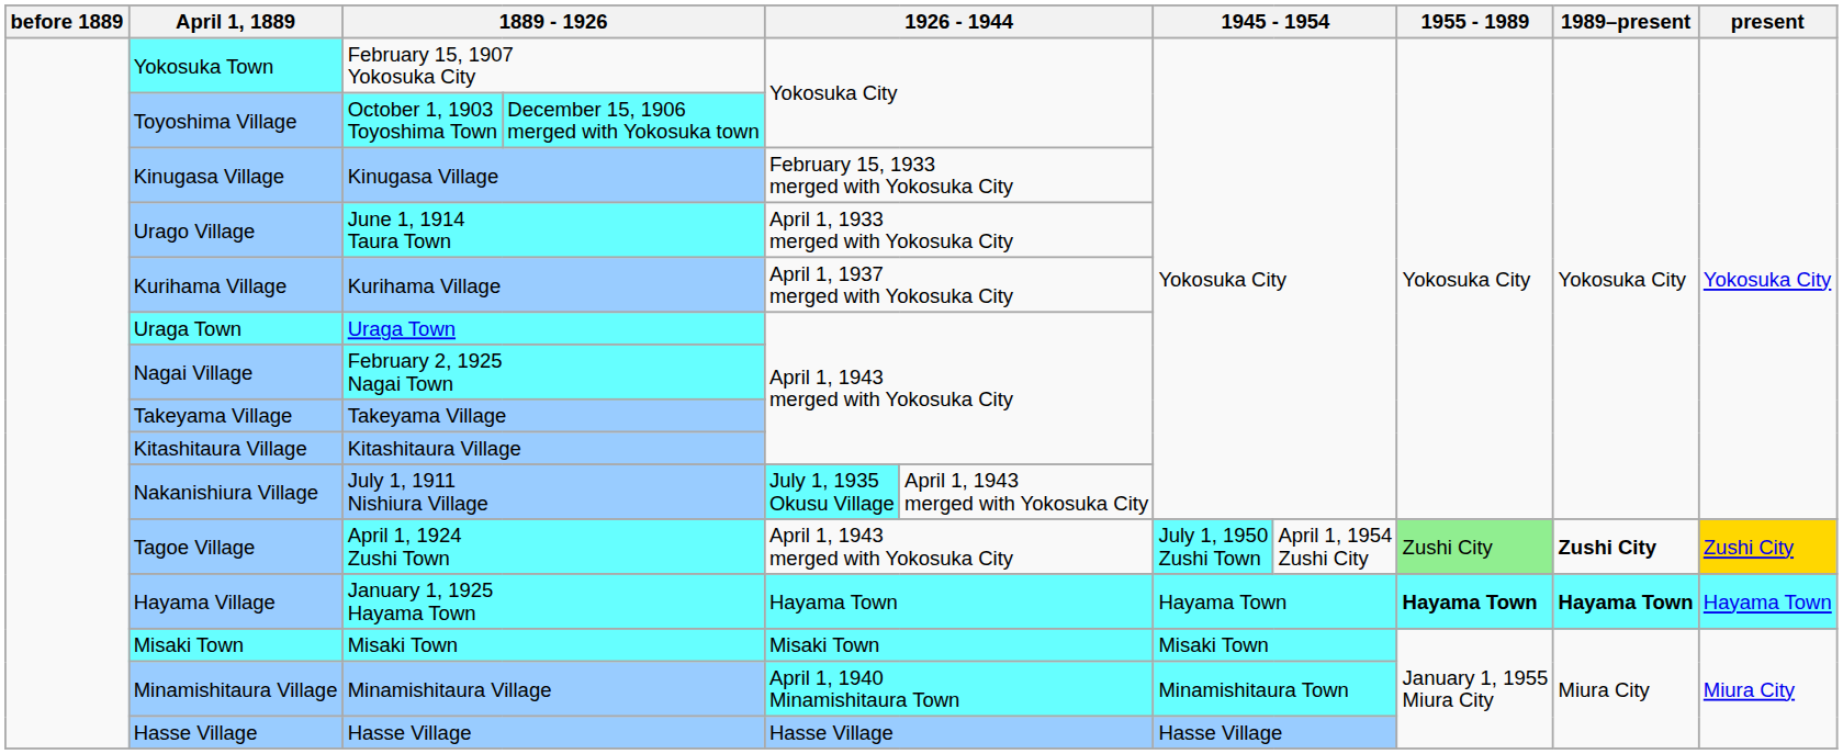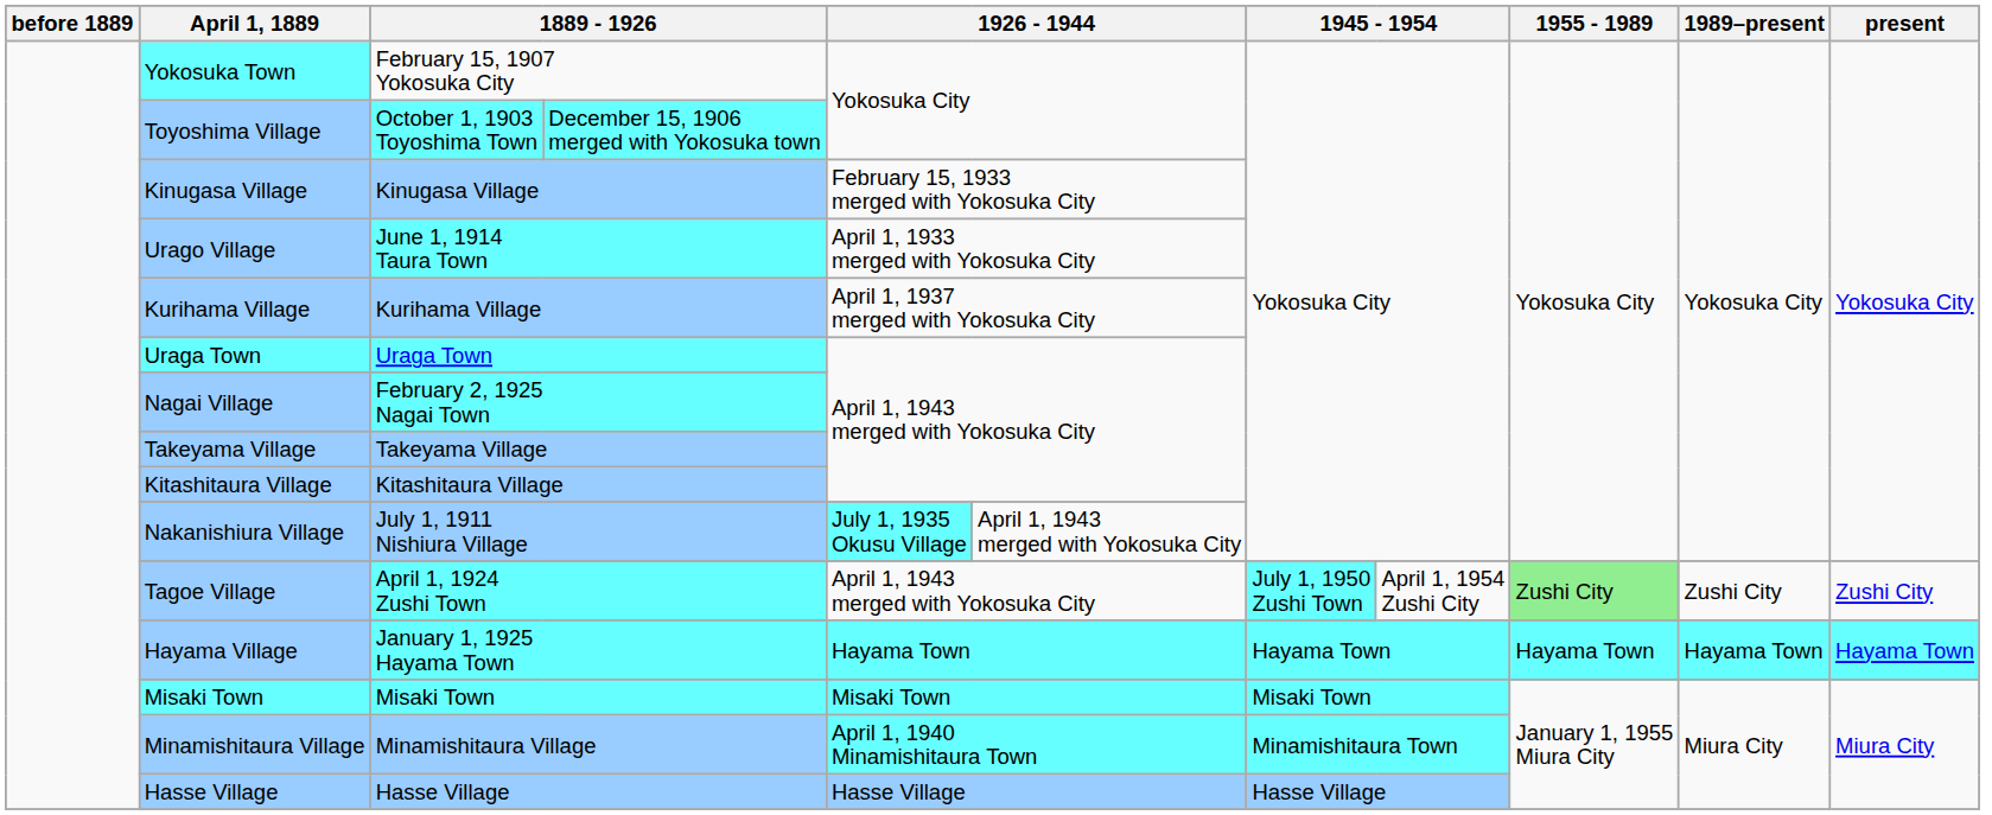 <table class="wikitable" style="font-size:x-small">
 <tr>
 <th>before 1889</th>
 <th>April 1, 1889</th>
 <th colspan="2">1889 - 1926</th>
 <th colspan="2">1926 - 1944</th>
 <th colspan="2">1945 - 1954</th>
 <th>1955 - 1989</th>
 <th>1989–present</th>
 <th>present</th>
 </tr>
 <tr>
 <td rowspan="15"> </td>
 <td style="background-color:#6ff;">Yokosuka Town</td>
 <td colspan="2">February 15, 1907<br>Yokosuka City</td>
 <td colspan="2" rowspan="2">Yokosuka City</td>
 <td colspan="2" rowspan="10">Yokosuka City</td>
 <td rowspan="10">Yokosuka City</td>
 <td rowspan="10">Yokosuka City</td>
 <td rowspan="10"><a href='#'>Yokosuka City</a></td>
 </tr>
 <tr>
 <td style="background-color:#9cf;">Toyoshima Village</td>
 <td style="background-color:#6ff;">October 1, 1903<br>Toyoshima Town</td>
 <td style="background-color:#6ff;">December 15, 1906<br>merged with Yokosuka town</td>
 </tr>
 <tr>
 <td style="background-color:#9cf;">Kinugasa Village</td>
 <td colspan="2" style="background-color:#9cf;">Kinugasa Village</td>
 <td colspan="2">February 15, 1933<br>merged with Yokosuka City</td>
 </tr>
 <tr>
 <td style="background-color:#9cf;">Urago Village</td>
 <td colspan="2" style="background-color:#6ff;">June 1, 1914<br>Taura Town</td>
 <td colspan="2">April 1, 1933<br>merged with Yokosuka City</td>
 </tr>
 <tr>
 <td style="background-color:#9cf;">Kurihama Village</td>
 <td colspan="2" style="background-color:#9cf;">Kurihama Village</td>
 <td colspan="2">April 1, 1937<br>merged with Yokosuka City</td>
 </tr>
 <tr>
 <td style="background-color:#6ff;">Uraga Town</td>
 <td colspan="2" style="background-color:#6ff;"><a href='#'>Uraga Town</a></td>
 <td rowspan="4" colspan="2">April 1, 1943 <br>merged with Yokosuka City</td>
 </tr>
 <tr>
 <td style="background-color:#9cf;">Nagai Village</td>
 <td colspan="2" style="background-color:#6ff;">February 2, 1925<br>Nagai Town</td>
 </tr>
 <tr>
 <td style="background-color:#9cf;">Takeyama Village</td>
 <td colspan="2" style="background-color:#9cf;">Takeyama Village</td>
 </tr>
 <tr>
 <td style="background-color:#9cf;">Kitashitaura Village</td>
 <td colspan="2" style="background-color:#9cf;">Kitashitaura Village</td>
 </tr>
 <tr>
 <td style="background-color:#9cf;">Nakanishiura Village</td>
 <td colspan="2" style="background-color:#9cf;">July 1, 1911<br>Nishiura Village</td>
 <td style="background-color:#6ff;">July 1, 1935<br>Okusu Village</td>
 <td>April 1, 1943<br>merged with Yokosuka City</td>
 </tr>
 <tr>
 <td style="background-color:#9cf;">Tagoe Village</td>
 <td colspan="2" style="background-color:#6ff;">April 1, 1924<br>Zushi Town</td>
 <td colspan="2">April 1, 1943<br>merged with Yokosuka City</td>
 <td style="background-color:#6ff;">July 1, 1950<br>Zushi Town</td>
 <td>April 1, 1954<br>Zushi City</td>
 <td style="background: lightgreen;">Zushi City</td>
-<td><strong>Zushi City</strong></td>
-<td style="background: gold;"><a href='#'>Zushi City</a></td>
+<td>Zushi City</td>
+<td><a href='#'>Zushi City</a></td>
 </tr>
 <tr>
 <td style="background-color:#9cf;">Hayama Village</td>
 <td colspan="2" style="background-color:#6ff;">January 1, 1925<br>Hayama Town</td>
 <td colspan="2" style="background-color:#6ff;">Hayama Town</td>
 <td colspan="2" style="background-color:#6ff;">Hayama Town</td>
-<td style="background-color:#6ff;"><strong>Hayama Town</strong></td>
-<td style="background-color:#6ff;"><strong>Hayama Town</strong></td>
+<td style="background-color:#6ff;">Hayama Town</td>
+<td style="background-color:#6ff;">Hayama Town</td>
 <td style="background-color:#6ff;"><a href='#'>Hayama Town</a></td>
 </tr>
 <tr>
 <td style="background-color:#6ff;">Misaki Town</td>
 <td colspan="2" style="background-color:#6ff;">Misaki Town</td>
 <td colspan="2" style="background-color:#6ff;">Misaki Town</td>
 <td colspan="2" style="background-color:#6ff;">Misaki Town</td>
 <td rowspan="3">January 1, 1955<br>Miura City</td>
 <td rowspan="3">Miura City</td>
 <td rowspan="3"><a href='#'>Miura City</a></td>
 </tr>
 <tr>
 <td style="background-color:#9cf;">Minamishitaura Village</td>
 <td colspan="2" style="background-color:#9cf;">Minamishitaura Village</td>
 <td colspan="2" style="background-color:#6ff;">April 1, 1940<br>Minamishitaura Town</td>
 <td colspan="2" style="background-color:#6ff;">Minamishitaura Town</td>
 </tr>
 <tr>
 <td style="background-color:#9cf;">Hasse Village</td>
 <td colspan="2" style="background-color:#9cf;">Hasse Village</td>
 <td colspan="2" style="background-color:#9cf;">Hasse Village</td>
 <td colspan="2" style="background-color:#9cf;">Hasse Village</td>
 </tr>
 </table>
